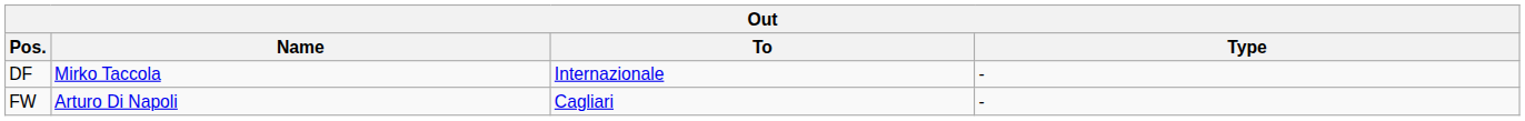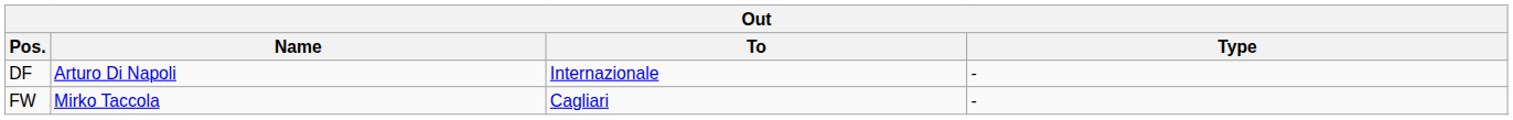 <table class="wikitable" style="font-size:90%;width:99%;">
 <tr>
 <th colspan="4">Out</th>
 </tr>
 <tr>
 <th width=3%>Pos.</th>
 <th width=33%>Name</th>
 <th width=28%>To</th>
 <th width=36%>Type</th>
 </tr>
 <tr>
 <td>DF</td>
-<td><a href='#'>Mirko Taccola</a></td>
+<td><a href='#'>Arturo Di Napoli</a></td>
 <td><a href='#'>Internazionale</a></td>
 <td>-</td>
 </tr>
 <tr>
 <td>FW</td>
-<td><a href='#'>Arturo Di Napoli</a></td>
+<td><a href='#'>Mirko Taccola</a></td>
 <td><a href='#'>Cagliari</a></td>
 <td>-</td>
 </tr>
 </table>
